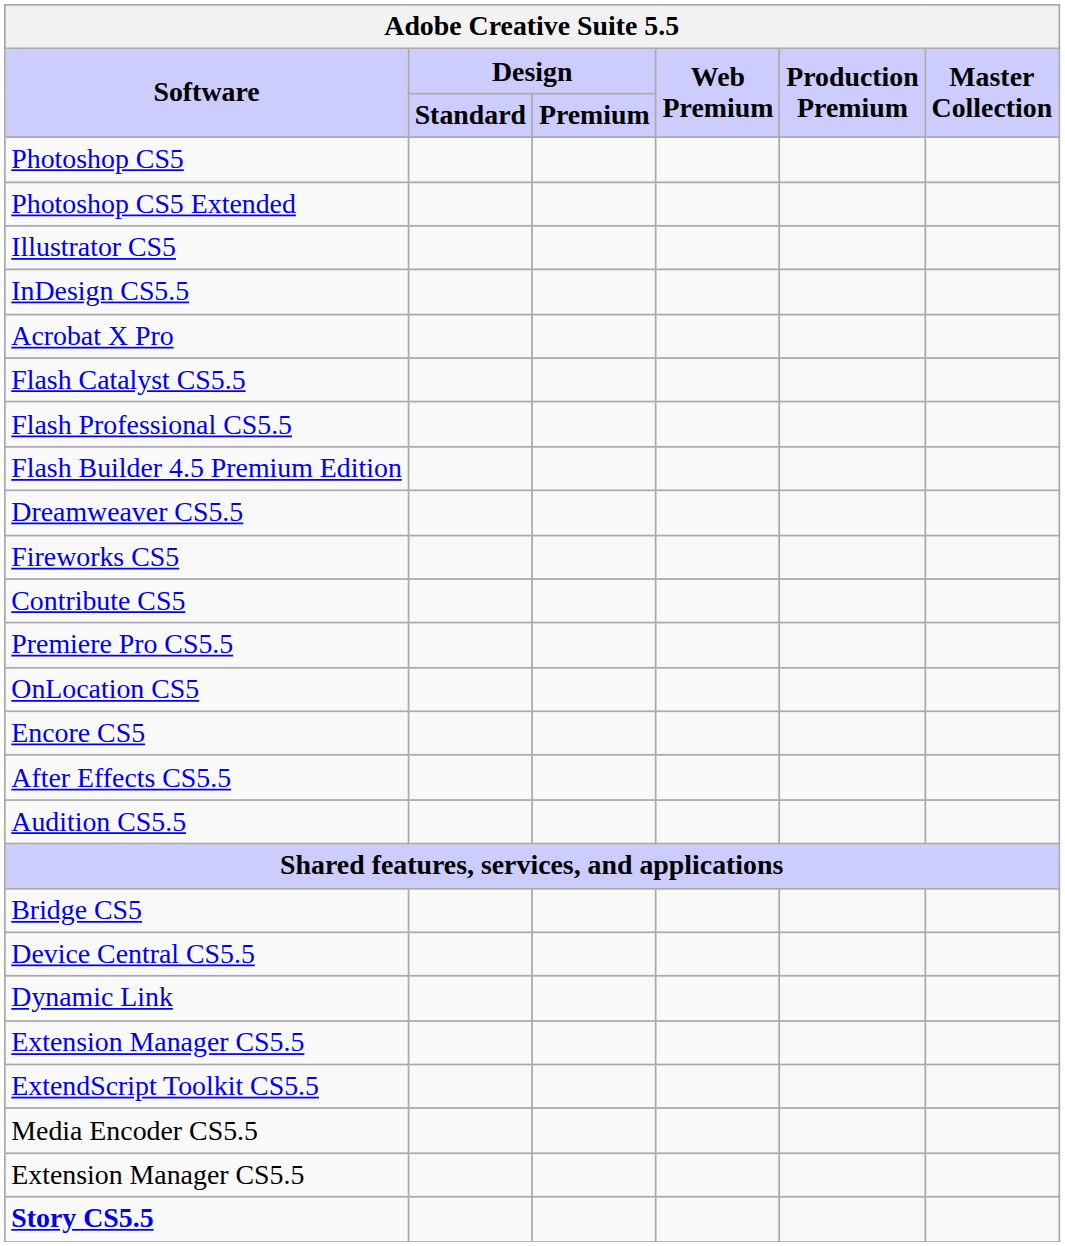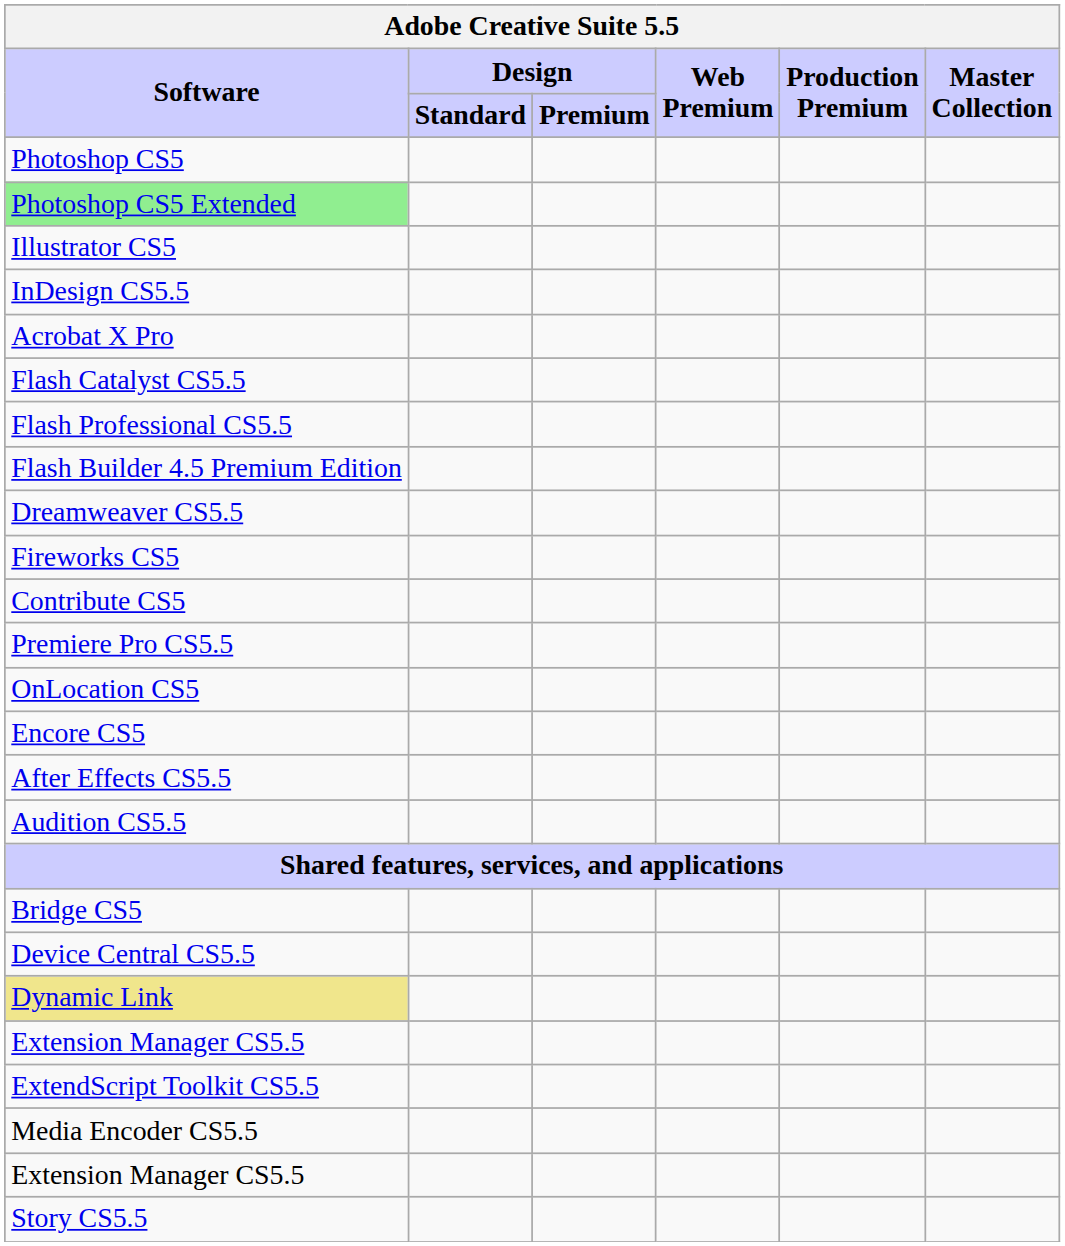 <table class="wikitable collapsible collapsed">
 <tr>
 <th colspan="7">Adobe Creative Suite 5.5</th>
 </tr>
 <tr>
 <th style="background:#ccf;" rowspan="2">Software</th>
 <th colspan="2" style="background:#ccf;">Design</th>
 <th style="background:#ccf;" rowspan="2">Web<br>Premium</th>
 <th style="background:#ccf;" rowspan="2">Production<br>Premium</th>
 <th style="background:#ccf;" rowspan="2">Master<br>Collection</th>
 </tr>
 <tr>
 <th style="background:#ccf;">Standard</th>
 <th style="background:#ccf;">Premium</th>
 </tr>
 <tr>
 <td><a href='#'>Photoshop CS5</a></td>
 <td style="text-align: center;"></td>
 <td></td>
 <td></td>
 <td></td>
 <td></td>
 </tr>
 <tr>
-<td><a href='#'>Photoshop CS5 Extended</a></td>
+<td style="background: lightgreen;"><a href='#'>Photoshop CS5 Extended</a></td>
 <td></td>
 <td style="text-align: center;"></td>
 <td style="text-align: center;"></td>
 <td style="text-align: center;"></td>
 <td style="text-align: center;"></td>
 </tr>
 <tr>
 <td><a href='#'>Illustrator CS5</a></td>
 <td style="text-align: center;"></td>
 <td style="text-align: center;"></td>
 <td style="text-align: center;"></td>
 <td style="text-align: center;"></td>
 <td style="text-align: center;"></td>
 </tr>
 <tr>
 <td><a href='#'>InDesign CS5.5</a></td>
 <td style="text-align: center;"></td>
 <td style="text-align: center;"></td>
 <td></td>
 <td></td>
 <td style="text-align: center;"></td>
 </tr>
 <tr>
 <td><a href='#'>Acrobat X Pro</a></td>
 <td style="text-align: center;"></td>
 <td style="text-align: center;"></td>
 <td style="text-align: center;"></td>
 <td></td>
 <td style="text-align: center;"></td>
 </tr>
 <tr>
 <td><a href='#'>Flash Catalyst CS5.5</a></td>
 <td></td>
 <td style="text-align: center;"></td>
 <td style="text-align: center;"></td>
 <td style="text-align: center;"></td>
 <td style="text-align: center;"></td>
 </tr>
 <tr>
 <td><a href='#'>Flash Professional CS5.5</a></td>
 <td></td>
 <td style="text-align: center;"></td>
 <td style="text-align: center;"></td>
 <td style="text-align: center;"></td>
 <td style="text-align: center;"></td>
 </tr>
 <tr>
 <td><a href='#'>Flash Builder 4.5 Premium Edition</a></td>
 <td></td>
 <td></td>
 <td style="text-align: center;"></td>
 <td></td>
 <td style="text-align: center;"></td>
 </tr>
 <tr>
 <td><a href='#'>Dreamweaver CS5.5</a></td>
 <td></td>
 <td style="text-align: center;"></td>
 <td style="text-align: center;"></td>
 <td></td>
 <td style="text-align: center;"></td>
 </tr>
 <tr>
 <td><a href='#'>Fireworks CS5</a></td>
 <td></td>
 <td style="text-align: center;"></td>
 <td style="text-align: center;"></td>
 <td></td>
 <td style="text-align: center;"></td>
 </tr>
 <tr>
 <td><a href='#'>Contribute CS5</a></td>
 <td></td>
 <td></td>
 <td style="text-align: center;"></td>
 <td></td>
 <td style="text-align: center;"></td>
 </tr>
 <tr>
 <td><a href='#'>Premiere Pro CS5.5</a></td>
 <td></td>
 <td></td>
 <td></td>
 <td style="text-align: center;"></td>
 <td style="text-align: center;"></td>
 </tr>
 <tr>
 <td><a href='#'>OnLocation CS5</a></td>
 <td></td>
 <td></td>
 <td></td>
 <td style="text-align: center;"></td>
 <td style="text-align: center;"></td>
 </tr>
 <tr>
 <td><a href='#'>Encore CS5</a></td>
 <td></td>
 <td></td>
 <td></td>
 <td style="text-align: center;"></td>
 <td style="text-align: center;"></td>
 </tr>
 <tr>
 <td><a href='#'>After Effects CS5.5</a></td>
 <td></td>
 <td></td>
 <td></td>
 <td style="text-align: center;"></td>
 <td style="text-align: center;"></td>
 </tr>
 <tr>
 <td><a href='#'>Audition CS5.5</a></td>
 <td></td>
 <td></td>
 <td></td>
 <td style="text-align: center;"></td>
 <td style="text-align: center;"></td>
 </tr>
 <tr>
 <th colspan="7" style="background:#ccf;">Shared features, services, and applications</th>
 </tr>
 <tr>
 <td><a href='#'>Bridge CS5</a></td>
 <td style="text-align: center;"></td>
 <td style="text-align: center;"></td>
 <td style="text-align: center;"></td>
 <td style="text-align: center;"></td>
 <td style="text-align: center;"></td>
 </tr>
 <tr>
 <td><a href='#'>Device Central CS5.5</a></td>
 <td style="text-align: center;"></td>
 <td style="text-align: center;"></td>
 <td style="text-align: center;"></td>
 <td style="text-align: center;"></td>
 <td style="text-align: center;"></td>
 </tr>
 <tr>
-<td><a href='#'>Dynamic Link</a></td>
+<td style="background: khaki;"><a href='#'>Dynamic Link</a></td>
 <td></td>
 <td></td>
 <td></td>
 <td style="text-align: center;"></td>
 <td style="text-align: center;"></td>
 </tr>
 <tr>
 <td><a href='#'>Extension Manager CS5.5</a></td>
 <td style="text-align: center;"></td>
 <td style="text-align: center;"></td>
 <td style="text-align: center;"></td>
 <td style="text-align: center;"></td>
 <td style="text-align: center;"></td>
 </tr>
 <tr>
 <td><a href='#'>ExtendScript Toolkit CS5.5</a></td>
 <td></td>
 <td></td>
 <td></td>
 <td></td>
 <td></td>
 </tr>
 <tr>
 <td>Media Encoder CS5.5</td>
 <td></td>
 <td></td>
 <td></td>
 <td></td>
 <td></td>
 </tr>
 <tr>
 <td>Extension Manager CS5.5</td>
 <td></td>
 <td></td>
 <td></td>
 <td></td>
 <td></td>
 </tr>
 <tr>
-<td><strong><a href='#'>Story CS5.5</a></strong></td>
+<td><a href='#'>Story CS5.5</a></td>
 <td></td>
 <td></td>
 <td></td>
 <td></td>
 <td></td>
 </tr>
 </table>
